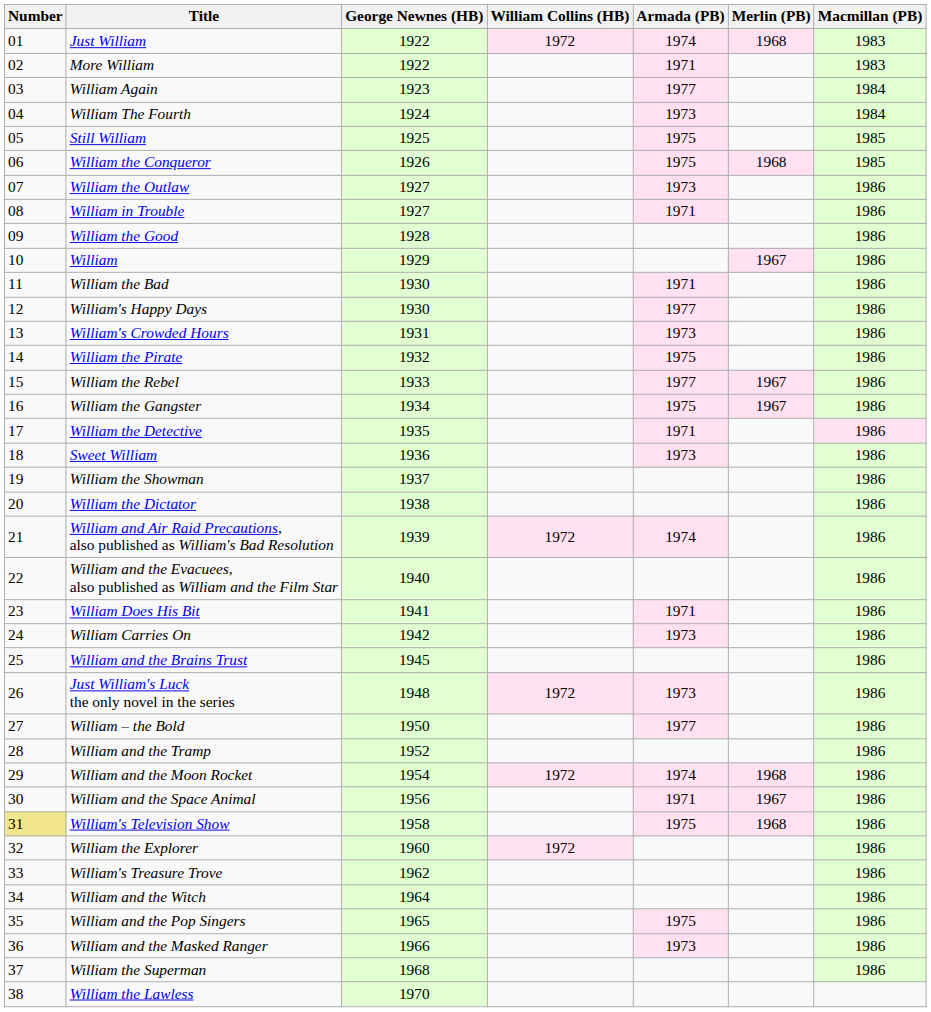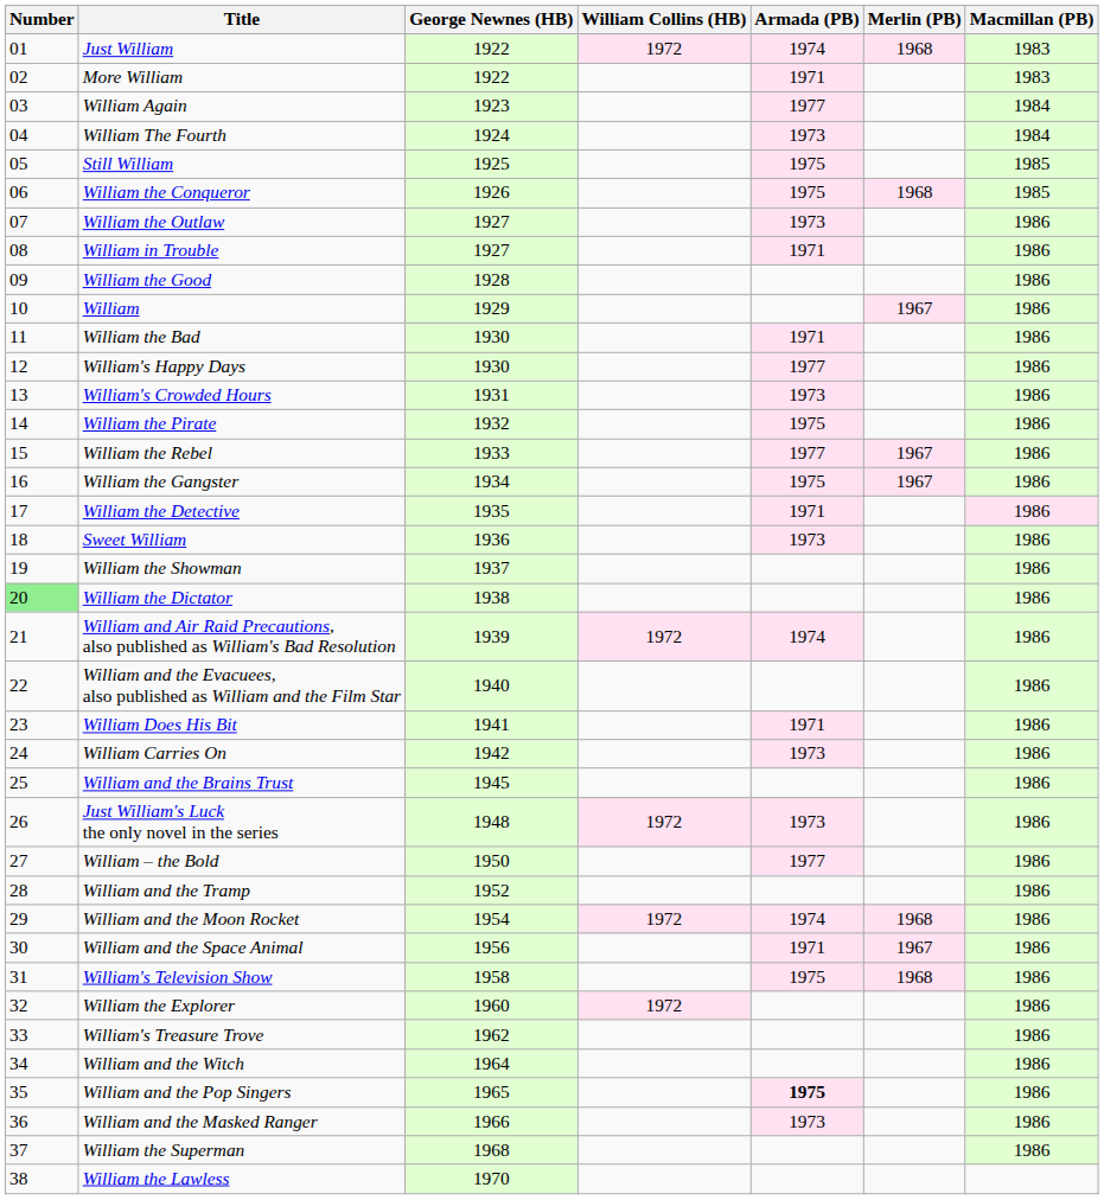 <table class="wikitable sortable">
 <tr>
 <th class="sortable">Number</th>
 <th class="sortable">Title</th>
 <th class="sortable">George Newnes (HB)</th>
 <th class="sortable">William Collins (HB)</th>
 <th class="sortable">Armada (PB)</th>
 <th class="sortable">Merlin (PB)</th>
 <th class="sortable">Macmillan (PB)</th>
 </tr>
 <tr align="center">
 <td align="left">01</td>
 <td align="left"><em><a href='#'>Just William</a></em></td>
 <td style="background:#E1FFd1;" align="center">1922</td>
 <td style="background:#FFE1F1;">1972</td>
 <td style="background:#FFE1F1;">1974</td>
 <td style="background:#FFE1F1;">1968</td>
 <td style="background:#E1FFd1;" align="center">1983</td>
 </tr>
 <tr align="center">
 <td align="left">02</td>
 <td align="left"><em>More William</em></td>
 <td style="background:#E1FFd1;" align="center">1922</td>
 <td></td>
 <td style="background:#FFE1F1;">1971</td>
 <td></td>
 <td style="background:#E1FFd1;" align="center">1983</td>
 </tr>
 <tr align="center">
 <td align="left">03</td>
 <td align="left"><em>William Again</em></td>
 <td style="background:#E1FFd1;" align="center">1923</td>
 <td></td>
 <td style="background:#FFE1F1;">1977</td>
 <td></td>
 <td style="background:#E1FFd1;" align="center">1984</td>
 </tr>
 <tr align="center">
 <td align="left">04</td>
 <td align="left"><em>William The Fourth</em></td>
 <td style="background:#E1FFd1;" align="center">1924</td>
 <td></td>
 <td style="background:#FFE1F1;">1973</td>
 <td></td>
 <td style="background:#E1FFd1;" align="center">1984</td>
 </tr>
 <tr align="center">
 <td align="left">05</td>
 <td align="left"><em><a href='#'>Still William</a></em></td>
 <td style="background:#E1FFd1;" align="center">1925</td>
 <td></td>
 <td style="background:#FFE1F1;">1975</td>
 <td></td>
 <td style="background:#E1FFd1;" align="center">1985</td>
 </tr>
 <tr align="center">
 <td align="left">06</td>
 <td align="left"><em><a href='#'>William the Conqueror</a></em></td>
 <td style="background:#E1FFd1;" align="center">1926</td>
 <td></td>
 <td style="background:#FFE1F1;">1975</td>
 <td style="background:#FFE1F1;">1968</td>
 <td style="background:#E1FFd1;" align="center">1985</td>
 </tr>
 <tr align="center">
 <td align="left">07</td>
 <td align="left"><em><a href='#'>William the Outlaw</a></em></td>
 <td style="background:#E1FFd1;" align="center">1927</td>
 <td></td>
 <td style="background:#FFE1F1;">1973</td>
 <td></td>
 <td style="background:#E1FFd1;" align="center">1986</td>
 </tr>
 <tr align="center">
 <td align="left">08</td>
 <td align="left"><em><a href='#'>William in Trouble</a></em></td>
 <td style="background:#E1FFd1;" align="center">1927</td>
 <td></td>
 <td style="background:#FFE1F1;">1971</td>
 <td></td>
 <td style="background:#E1FFd1;" align="center">1986</td>
 </tr>
 <tr align="center">
 <td align="left">09</td>
 <td align="left"><em><a href='#'>William the Good</a></em></td>
 <td style="background:#E1FFd1;" align="center">1928</td>
 <td></td>
 <td></td>
 <td></td>
 <td style="background:#E1FFd1;" align="center">1986</td>
 </tr>
 <tr align="center">
 <td align="left">10</td>
 <td align="left"><em><a href='#'>William</a></em></td>
 <td style="background:#E1FFd1;" align="center">1929</td>
 <td></td>
 <td></td>
 <td style="background:#FFE1F1;">1967</td>
 <td style="background:#E1FFd1;" align="center">1986</td>
 </tr>
 <tr align="center">
 <td align="left">11</td>
 <td align="left"><em>William the Bad</em></td>
 <td style="background:#E1FFd1;" align="center">1930</td>
 <td></td>
 <td style="background:#FFE1F1;">1971</td>
 <td></td>
 <td style="background:#E1FFd1;" align="center">1986</td>
 </tr>
 <tr align="center">
 <td align="left">12</td>
 <td align="left"><em>William's Happy Days</em></td>
 <td style="background:#E1FFd1;" align="center">1930</td>
 <td></td>
 <td style="background:#FFE1F1;">1977</td>
 <td></td>
 <td style="background:#E1FFd1;" align="center">1986</td>
 </tr>
 <tr align="center">
 <td align="left">13</td>
 <td align="left"><em><a href='#'>William's Crowded Hours</a></em></td>
 <td style="background:#E1FFd1;" align="center">1931</td>
 <td></td>
 <td style="background:#FFE1F1;">1973</td>
 <td></td>
 <td style="background:#E1FFd1;" align="center">1986</td>
 </tr>
 <tr align="center">
 <td align="left">14</td>
 <td align="left"><em><a href='#'>William the Pirate</a></em></td>
 <td style="background:#E1FFd1;" align="center">1932</td>
 <td></td>
 <td style="background:#FFE1F1;">1975</td>
 <td></td>
 <td style="background:#E1FFd1;" align="center">1986</td>
 </tr>
 <tr align="center">
 <td align="left">15</td>
 <td align="left"><em>William the Rebel</em></td>
 <td style="background:#E1FFd1;" align="center">1933</td>
 <td></td>
 <td style="background:#FFE1F1;">1977</td>
 <td style="background:#FFE1F1;">1967</td>
 <td style="background:#E1FFd1;" align="center">1986</td>
 </tr>
 <tr align="center">
 <td align="left">16</td>
 <td align="left"><em>William the Gangster</em></td>
 <td style="background:#E1FFd1;" align="center">1934</td>
 <td></td>
 <td style="background:#FFE1F1;">1975</td>
 <td style="background:#FFE1F1;">1967</td>
 <td style="background:#E1FFd1;" align="center">1986</td>
 </tr>
 <tr align="center">
 <td align="left">17</td>
 <td align="left"><em><a href='#'>William the Detective</a></em></td>
 <td style="background:#E1FFd1;" align="center">1935</td>
 <td></td>
 <td style="background:#FFE1F1;">1971</td>
 <td></td>
 <td style="background:#FFE1F1;">1986</td>
 </tr>
 <tr align="center">
 <td align="left">18</td>
 <td align="left"><em><a href='#'>Sweet William</a></em></td>
 <td style="background:#E1FFd1;" align="center">1936</td>
 <td></td>
 <td style="background:#FFE1F1;">1973</td>
 <td></td>
 <td style="background:#E1FFd1;" align="center">1986</td>
 </tr>
 <tr align="center">
 <td align="left">19</td>
 <td align="left"><em>William the Showman</em></td>
 <td style="background:#E1FFd1;" align="center">1937</td>
 <td></td>
 <td></td>
 <td></td>
 <td style="background:#E1FFd1;" align="center">1986</td>
 </tr>
 <tr align="center">
-<td align="left">20</td>
+<td align="left" style="background: lightgreen;">20</td>
 <td align="left"><em><a href='#'>William the Dictator</a></em></td>
 <td style="background:#E1FFd1;" align="center">1938</td>
 <td></td>
 <td></td>
 <td></td>
 <td style="background:#E1FFd1;" align="center">1986</td>
 </tr>
 <tr align="center">
 <td align="left">21</td>
 <td align="left"><em><a href='#'>William and Air Raid Precautions</a>,</em><br>also published as <em>William's Bad Resolution</em></td>
 <td style="background:#E1FFd1;" align="center">1939</td>
 <td style="background:#FFE1F1;">1972</td>
 <td style="background:#FFE1F1;">1974</td>
 <td></td>
 <td style="background:#E1FFd1;" align="center">1986</td>
 </tr>
 <tr align="center">
 <td align="left">22</td>
 <td align="left"><em>William and the Evacuees,</em><br>also published as <em>William and the Film Star</em></td>
 <td style="background:#E1FFd1;" align="center">1940</td>
 <td></td>
 <td></td>
 <td></td>
 <td style="background:#E1FFd1;" align="center">1986</td>
 </tr>
 <tr align="center">
 <td align="left">23</td>
 <td align="left"><em><a href='#'>William Does His Bit</a></em></td>
 <td style="background:#E1FFd1;" align="center">1941</td>
 <td></td>
 <td style="background:#FFE1F1;">1971</td>
 <td></td>
 <td style="background:#E1FFd1;" align="center">1986</td>
 </tr>
 <tr align="center">
 <td align="left">24</td>
 <td align="left"><em>William Carries On</em></td>
 <td style="background:#E1FFd1;" align="center">1942</td>
 <td></td>
 <td style="background:#FFE1F1;">1973</td>
 <td></td>
 <td style="background:#E1FFd1;" align="center">1986</td>
 </tr>
 <tr align="center">
 <td align="left">25</td>
 <td align="left"><em><a href='#'>William and the Brains Trust</a></em></td>
 <td style="background:#E1FFd1;" align="center">1945</td>
 <td></td>
 <td></td>
 <td></td>
 <td style="background:#E1FFd1;" align="center">1986</td>
 </tr>
 <tr align="center">
 <td align="left">26</td>
 <td align="left"><em><a href='#'>Just William's Luck</a></em><br>the only novel in the series</td>
 <td style="background:#E1FFd1;" align="center">1948</td>
 <td style="background:#FFE1F1;">1972</td>
 <td style="background:#FFE1F1;">1973</td>
 <td></td>
 <td style="background:#E1FFd1;" align="center">1986</td>
 </tr>
 <tr align="center">
 <td align="left">27</td>
 <td align="left"><em>William – the Bold</em></td>
 <td style="background:#E1FFd1;" align="center">1950</td>
 <td></td>
 <td style="background:#FFE1F1;">1977</td>
 <td></td>
 <td style="background:#E1FFd1;" align="center">1986</td>
 </tr>
 <tr align="center">
 <td align="left">28</td>
 <td align="left"><em>William and the Tramp</em></td>
 <td style="background:#E1FFd1;" align="center">1952</td>
 <td></td>
 <td></td>
 <td></td>
 <td style="background:#E1FFd1;" align="center">1986</td>
 </tr>
 <tr align="center">
 <td align="left">29</td>
 <td align="left"><em>William and the Moon Rocket</em></td>
 <td style="background:#E1FFd1;" align="center">1954</td>
 <td style="background:#FFE1F1;">1972</td>
 <td style="background:#FFE1F1;">1974</td>
 <td style="background:#FFE1F1;">1968</td>
 <td style="background:#E1FFd1;" align="center">1986</td>
 </tr>
 <tr align="center">
 <td align="left">30</td>
 <td align="left"><em>William and the Space Animal</em></td>
 <td style="background:#E1FFd1;" align="center">1956</td>
 <td></td>
 <td style="background:#FFE1F1;">1971</td>
 <td style="background:#FFE1F1;">1967</td>
 <td style="background:#E1FFd1;" align="center">1986</td>
 </tr>
 <tr align="center">
-<td align="left" style="background: khaki;">31</td>
+<td align="left">31</td>
 <td align="left"><em><a href='#'>William's Television Show</a></em></td>
 <td style="background:#E1FFd1;" align="center">1958</td>
 <td></td>
 <td style="background:#FFE1F1;">1975</td>
 <td style="background:#FFE1F1;">1968</td>
 <td style="background:#E1FFd1;" align="center">1986</td>
 </tr>
 <tr align="center">
 <td align="left">32</td>
 <td align="left"><em>William the Explorer</em></td>
 <td style="background:#E1FFd1;" align="center">1960</td>
 <td style="background:#FFE1F1;">1972</td>
 <td></td>
 <td></td>
 <td style="background:#E1FFd1;" align="center">1986</td>
 </tr>
 <tr align="center">
 <td align="left">33</td>
 <td align="left"><em>William's Treasure Trove</em></td>
 <td style="background:#E1FFd1;" align="center">1962</td>
 <td></td>
 <td></td>
 <td></td>
 <td style="background:#E1FFd1;" align="center">1986</td>
 </tr>
 <tr align="center">
 <td align="left">34</td>
 <td align="left"><em>William and the Witch</em></td>
 <td style="background:#E1FFd1;" align="center">1964</td>
 <td></td>
 <td></td>
 <td></td>
 <td style="background:#E1FFd1;" align="center">1986</td>
 </tr>
 <tr align="center">
 <td align="left">35</td>
 <td align="left"><em>William and the Pop Singers</em></td>
 <td style="background:#E1FFd1;" align="center">1965</td>
 <td></td>
-<td style="background:#FFE1F1;">1975</td>
+<td style="background:#FFE1F1;"><strong>1975</strong></td>
 <td></td>
 <td style="background:#E1FFd1;" align="center">1986</td>
 </tr>
 <tr align="center">
 <td align="left">36</td>
 <td align="left"><em>William and the Masked Ranger</em></td>
 <td style="background:#E1FFd1;" align="center">1966</td>
 <td></td>
 <td style="background:#FFE1F1;">1973</td>
 <td></td>
 <td style="background:#E1FFd1;" align="center">1986</td>
 </tr>
 <tr align="center">
 <td align="left">37</td>
 <td align="left"><em>William the Superman</em></td>
 <td style="background:#E1FFd1;" align="center">1968</td>
 <td></td>
 <td></td>
 <td></td>
 <td style="background:#E1FFd1;" align="center">1986</td>
 </tr>
 <tr align="center">
 <td align="left">38</td>
 <td align="left"><em><a href='#'>William the Lawless</a></em></td>
 <td style="background:#E1FFd1;" align="center">1970</td>
 <td></td>
 <td></td>
 <td></td>
 </tr>
 </table>
